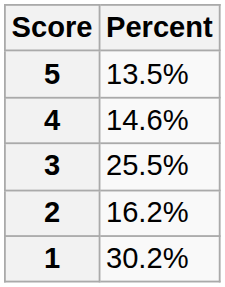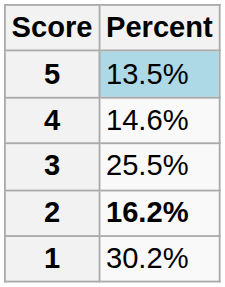 <table class="wikitable">
 <tr>
 <th>Score</th>
 <th>Percent</th>
 </tr>
 <tr>
 <th>5</th>
-<td>13.5%</td>
+<td style="background: lightblue;">13.5%</td>
 </tr>
 <tr>
 <th>4</th>
 <td>14.6%</td>
 </tr>
 <tr>
 <th>3</th>
 <td>25.5%</td>
 </tr>
 <tr>
 <th>2</th>
-<td>16.2%</td>
+<td><strong>16.2%</strong></td>
 </tr>
 <tr>
 <th>1</th>
 <td>30.2%</td>
 </tr>
 </table>
